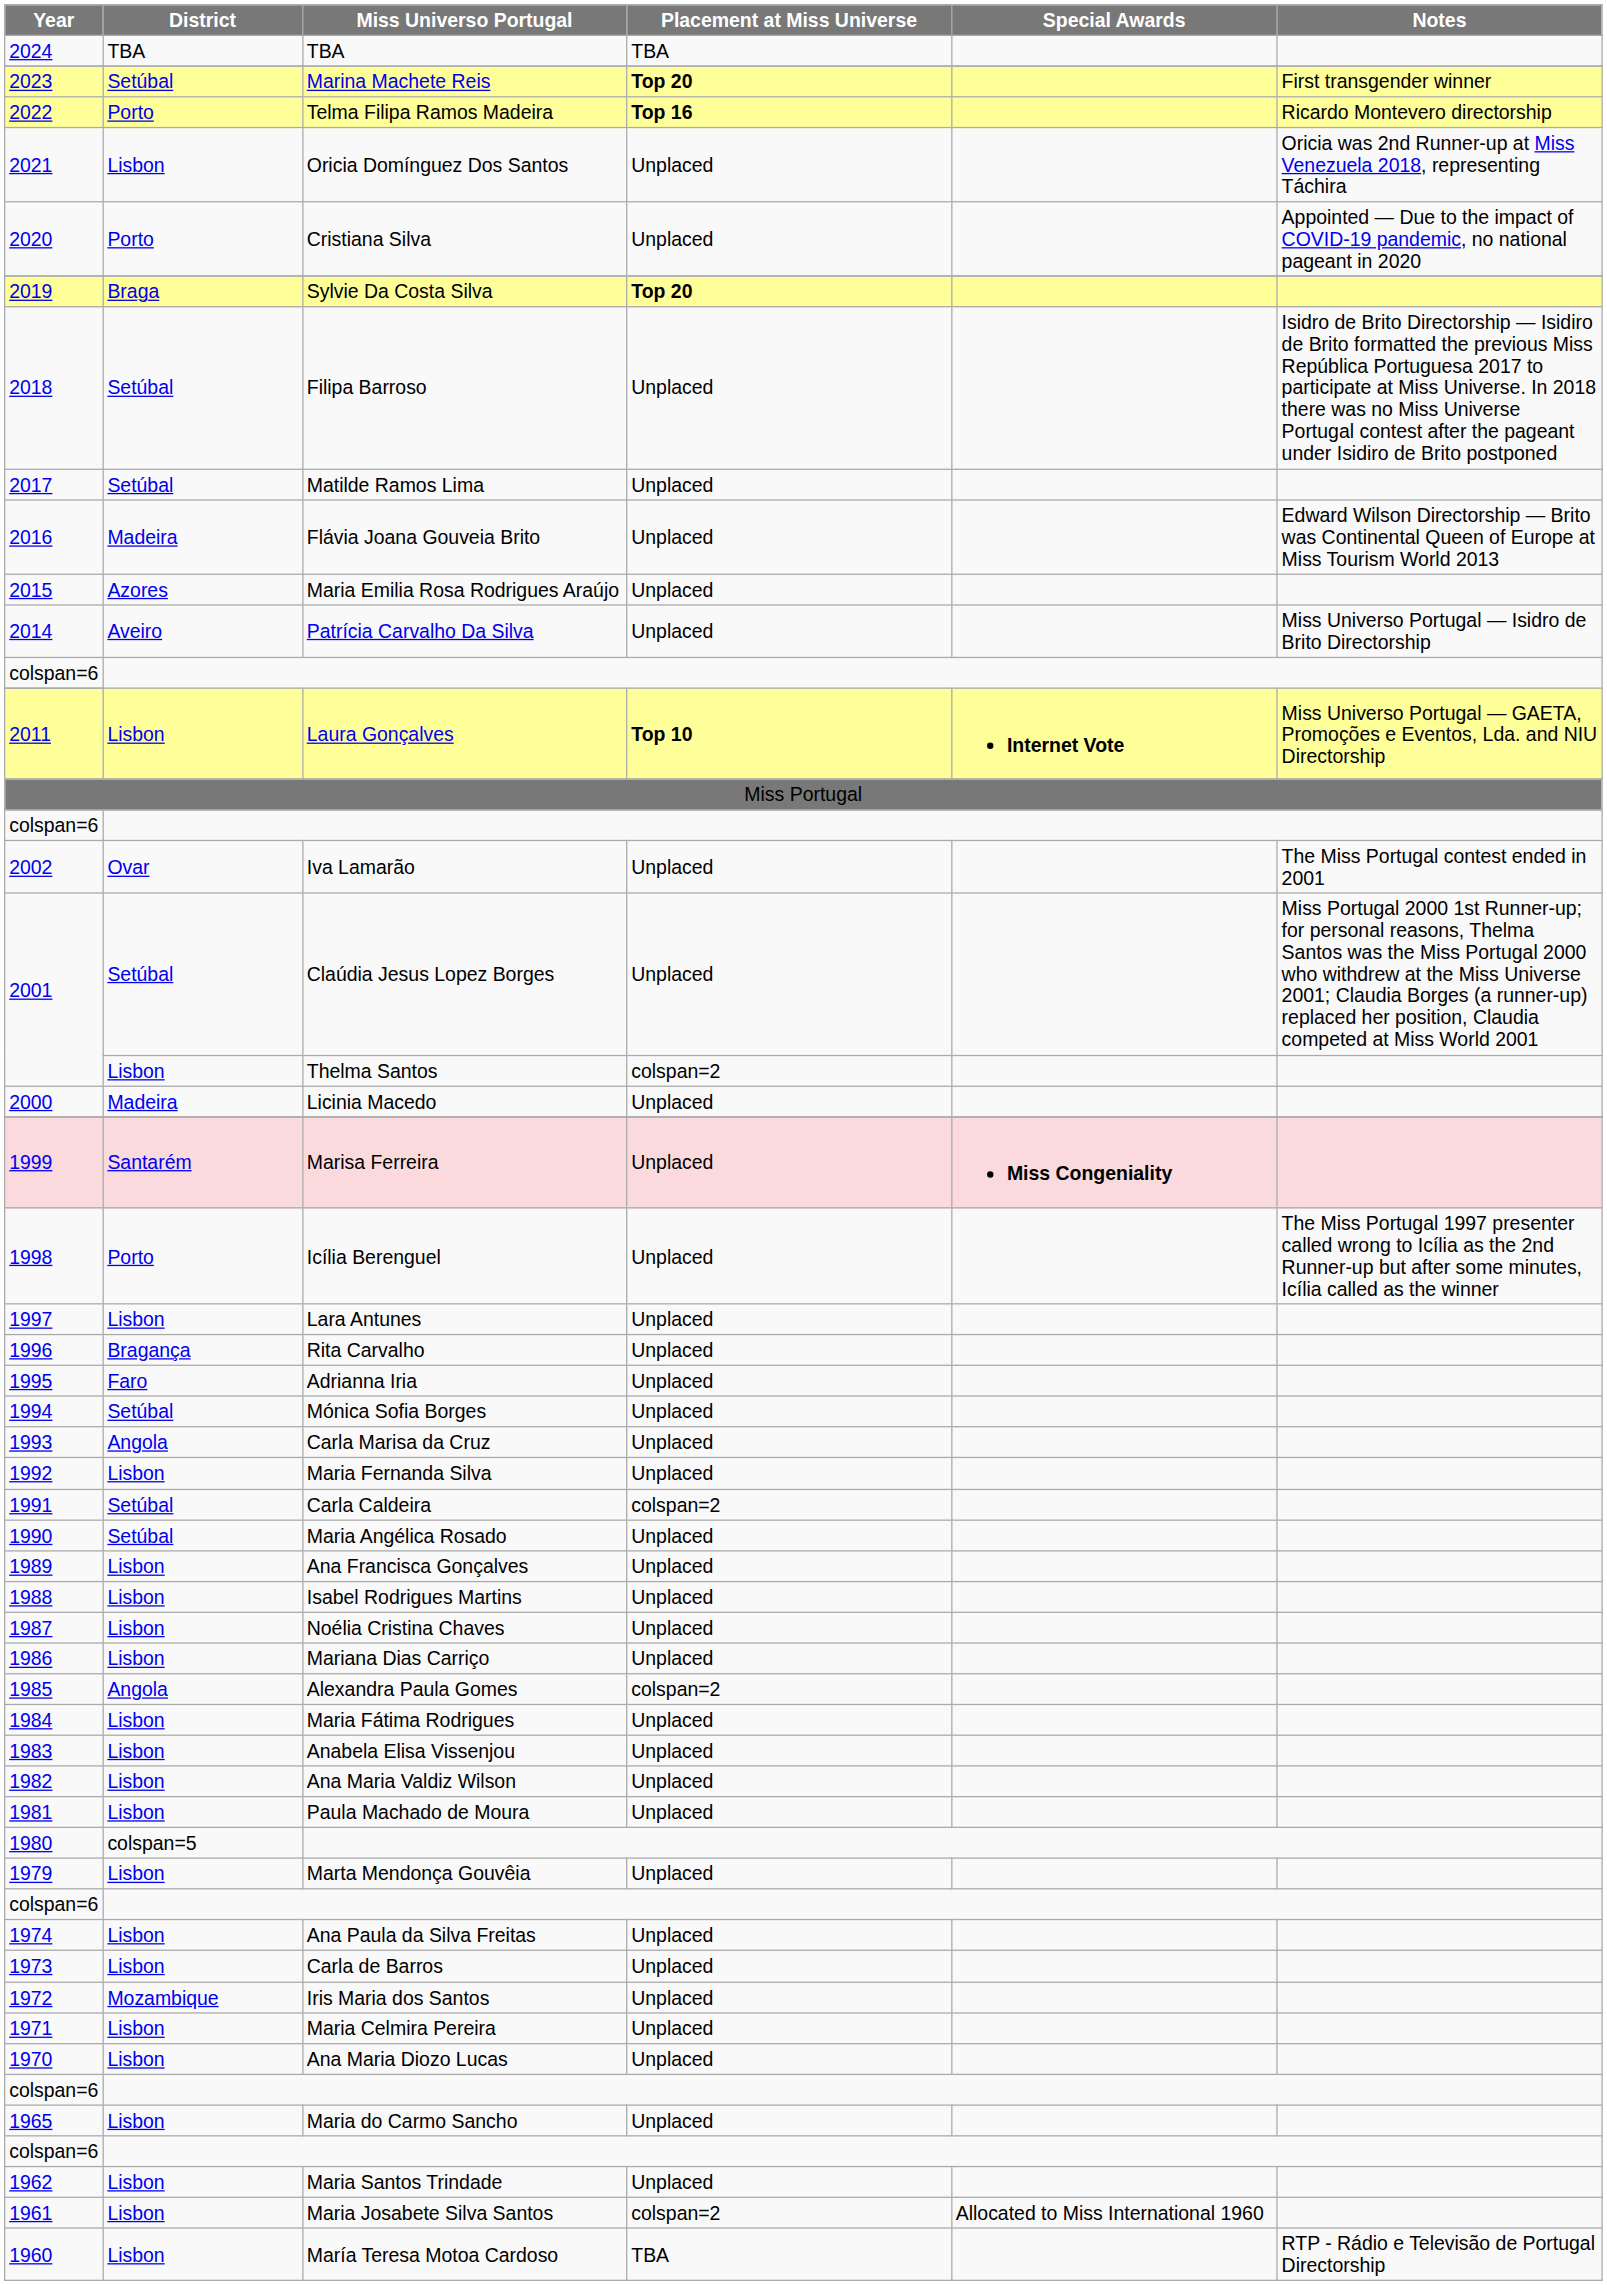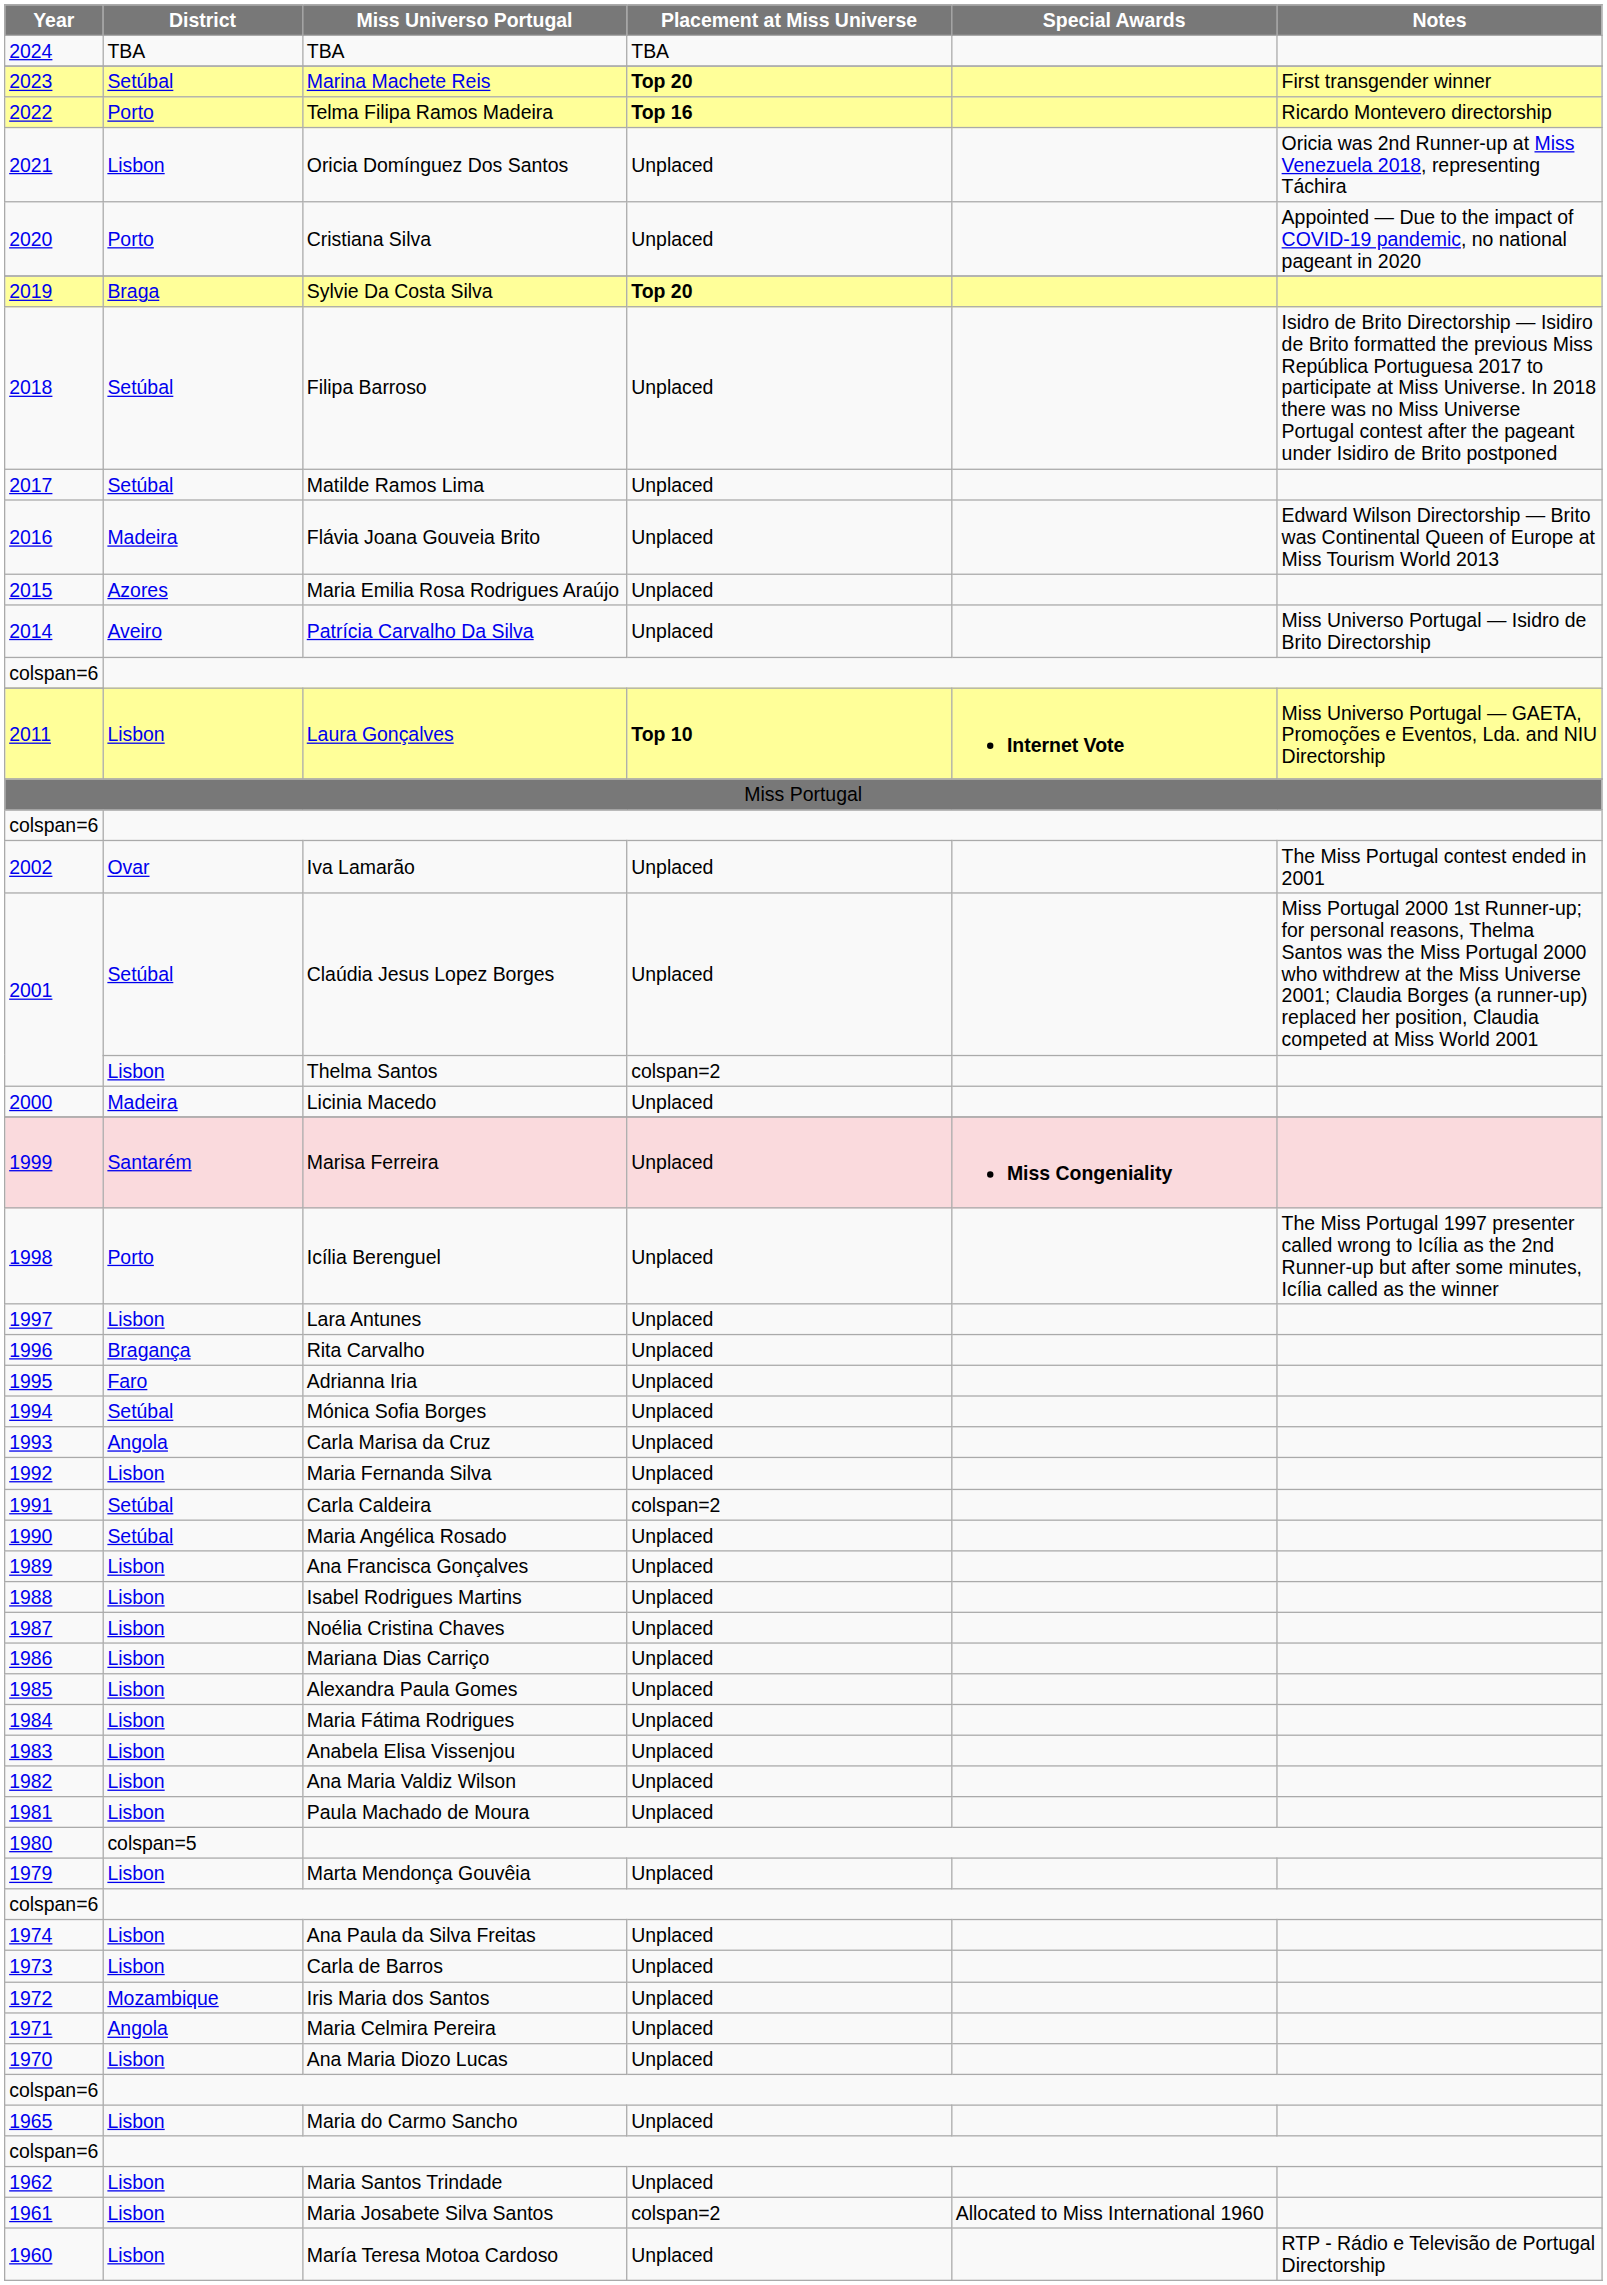 <table class="wikitable " style="font-size: 95%;">
 <tr>
 <th width="60" style="background-color:#787878;color:#FFFFFF;">Year</th>
 <th width="150" style="background-color:#787878;color:#FFFFFF;">District</th>
 <th width="250" style="background-color:#787878;color:#FFFFFF;">Miss Universo Portugal</th>
 <th width="250" style="background-color:#787878;color:#FFFFFF;">Placement at Miss Universe</th>
 <th width="250" style="background-color:#787878;color:#FFFFFF;">Special Awards</th>
 <th width="250" style="background-color:#787878;color:#FFFFFF;">Notes</th>
 </tr>
 <tr>
 <td><a href='#'>2024</a></td>
 <td>TBA</td>
 <td>TBA</td>
 <td>TBA</td>
 <td></td>
 <td></td>
 </tr>
 <tr>
 </tr>
 <tr style="background-color:#FFFF99;">
 <td><a href='#'>2023</a></td>
 <td><a href='#'>Setúbal</a></td>
 <td><a href='#'>Marina Machete Reis</a></td>
 <td><strong>Top 20</strong></td>
 <td></td>
 <td>First transgender winner</td>
 </tr>
 <tr style="background-color:#FFFF99;">
 <td><a href='#'>2022</a></td>
 <td><a href='#'>Porto</a></td>
 <td>Telma Filipa Ramos Madeira </td>
 <td><strong>Top 16</strong></td>
 <td></td>
 <td>Ricardo Montevero directorship</td>
 </tr>
 <tr>
 <td><a href='#'>2021</a></td>
 <td><a href='#'>Lisbon</a></td>
 <td>Oricia Domínguez Dos Santos</td>
 <td>Unplaced</td>
 <td></td>
 <td>Oricia was 2nd Runner-up at <a href='#'>Miss Venezuela 2018</a>, representing Táchira</td>
 </tr>
 <tr>
 <td><a href='#'>2020</a></td>
 <td><a href='#'>Porto</a></td>
 <td>Cristiana Silva</td>
 <td>Unplaced</td>
 <td></td>
 <td>Appointed — Due to the impact of <a href='#'>COVID-19 pandemic</a>, no national pageant in 2020</td>
 </tr>
 <tr>
 </tr>
 <tr style="background-color:#FFFF99;">
 <td><a href='#'>2019</a></td>
 <td><a href='#'>Braga</a></td>
 <td>Sylvie Da Costa Silva</td>
 <td><strong>Top 20</strong></td>
 <td></td>
 <td></td>
 </tr>
 <tr>
 <td><a href='#'>2018</a></td>
 <td><a href='#'>Setúbal</a></td>
 <td>Filipa Barroso</td>
 <td>Unplaced</td>
 <td></td>
 <td>Isidro de Brito Directorship — Isidiro de Brito formatted the previous Miss República Portuguesa 2017 to participate at Miss Universe. In 2018 there was no Miss Universe Portugal contest after the pageant under Isidiro de Brito postponed</td>
 </tr>
 <tr>
 <td><a href='#'>2017</a></td>
 <td><a href='#'>Setúbal</a></td>
 <td>Matilde Ramos Lima</td>
 <td>Unplaced</td>
 <td></td>
 <td></td>
 </tr>
 <tr>
 <td><a href='#'>2016</a></td>
 <td><a href='#'>Madeira</a></td>
 <td>Flávia Joana Gouveia Brito</td>
 <td>Unplaced</td>
 <td></td>
 <td>Edward Wilson Directorship — Brito was Continental Queen of Europe at Miss Tourism World 2013</td>
 </tr>
 <tr>
 <td><a href='#'>2015</a></td>
 <td><a href='#'>Azores</a></td>
 <td>Maria Emilia Rosa Rodrigues Araújo</td>
 <td>Unplaced</td>
 <td></td>
 <td></td>
 </tr>
 <tr>
 <td><a href='#'>2014</a></td>
 <td><a href='#'>Aveiro</a></td>
 <td><a href='#'>Patrícia Carvalho Da Silva</a></td>
 <td>Unplaced</td>
 <td></td>
 <td>Miss Universo Portugal — Isidro de Brito Directorship</td>
 </tr>
 <tr>
 <td>colspan=6 </td>
 </tr>
 <tr>
 </tr>
 <tr style="background-color:#FFFF99;">
 <td><a href='#'>2011</a></td>
 <td><a href='#'>Lisbon</a></td>
 <td><a href='#'>Laura Gonçalves</a></td>
 <td><strong>Top 10</strong></td>
 <td align="left"><br><ul><li><strong>Internet Vote</strong></li></ul></td>
 <td>Miss Universo Portugal — GAETA, Promoções e Eventos, Lda. and NIU Directorship</td>
 </tr>
 <tr>
 </tr>
 <tr bgcolor="#787878" align="center">
 <td colspan="6"><span>Miss Portugal</span></td>
 </tr>
 <tr>
 <td>colspan=6 </td>
 </tr>
 <tr>
 <td><a href='#'>2002</a></td>
 <td><a href='#'>Ovar</a></td>
 <td>Iva Lamarão</td>
 <td>Unplaced</td>
 <td></td>
 <td>The Miss Portugal contest ended in 2001</td>
 </tr>
 <tr>
 <td rowspan=2><a href='#'>2001</a></td>
 <td><a href='#'>Setúbal</a></td>
 <td>Claúdia Jesus Lopez Borges</td>
 <td>Unplaced</td>
 <td></td>
 <td>Miss Portugal 2000 1st Runner-up; for personal reasons, Thelma Santos was the Miss Portugal 2000 who withdrew at the Miss Universe 2001; Claudia Borges (a runner-up) replaced her position, Claudia competed at Miss World 2001</td>
 </tr>
 <tr>
 <td><a href='#'>Lisbon</a></td>
 <td>Thelma Santos</td>
 <td>colspan=2 </td>
 <td></td>
 </tr>
 <tr>
 <td><a href='#'>2000</a></td>
 <td><a href='#'>Madeira</a></td>
 <td>Licinia Macedo</td>
 <td>Unplaced</td>
 <td></td>
 <td></td>
 </tr>
 <tr>
 </tr>
 <tr style="background-color:#FADADD;">
 <td><a href='#'>1999</a></td>
 <td><a href='#'>Santarém</a></td>
 <td>Marisa Ferreira</td>
 <td>Unplaced</td>
 <td align="left"><br><ul><li><strong>Miss Congeniality</strong></li></ul></td>
 <td></td>
 </tr>
 <tr>
 <td><a href='#'>1998</a></td>
 <td><a href='#'>Porto</a></td>
 <td>Icília Berenguel</td>
 <td>Unplaced</td>
 <td></td>
 <td>The Miss Portugal 1997 presenter called wrong to Icília as the 2nd Runner-up but after some minutes, Icília called as the winner</td>
 </tr>
 <tr>
 <td><a href='#'>1997</a></td>
 <td><a href='#'>Lisbon</a></td>
 <td>Lara Antunes</td>
 <td>Unplaced</td>
 <td></td>
 <td></td>
 </tr>
 <tr>
 <td><a href='#'>1996</a></td>
 <td><a href='#'>Bragança</a></td>
 <td>Rita Carvalho</td>
 <td>Unplaced</td>
 <td></td>
 <td></td>
 </tr>
 <tr>
 <td><a href='#'>1995</a></td>
 <td><a href='#'>Faro</a></td>
 <td>Adrianna Iria</td>
 <td>Unplaced</td>
 <td></td>
 <td></td>
 </tr>
 <tr>
 <td><a href='#'>1994</a></td>
 <td><a href='#'>Setúbal</a></td>
 <td>Mónica Sofia Borges</td>
 <td>Unplaced</td>
 <td></td>
 <td></td>
 </tr>
 <tr>
 <td><a href='#'>1993</a></td>
 <td><a href='#'>Angola</a></td>
 <td>Carla Marisa da Cruz</td>
 <td>Unplaced</td>
 <td></td>
 <td></td>
 </tr>
 <tr>
 <td><a href='#'>1992</a></td>
 <td><a href='#'>Lisbon</a></td>
 <td>Maria Fernanda Silva</td>
 <td>Unplaced</td>
 <td></td>
 <td></td>
 </tr>
 <tr>
 <td><a href='#'>1991</a></td>
 <td><a href='#'>Setúbal</a></td>
 <td>Carla Caldeira</td>
 <td>colspan=2 </td>
 <td></td>
 </tr>
 <tr>
 <td><a href='#'>1990</a></td>
 <td><a href='#'>Setúbal</a></td>
 <td>Maria Angélica Rosado</td>
 <td>Unplaced</td>
 <td></td>
 <td></td>
 </tr>
 <tr>
 <td><a href='#'>1989</a></td>
 <td><a href='#'>Lisbon</a></td>
 <td>Ana Francisca Gonçalves</td>
 <td>Unplaced</td>
 <td></td>
 <td></td>
 </tr>
 <tr>
 <td><a href='#'>1988</a></td>
 <td><a href='#'>Lisbon</a></td>
 <td>Isabel Rodrigues Martins</td>
 <td>Unplaced</td>
 <td></td>
 <td></td>
 </tr>
 <tr>
 <td><a href='#'>1987</a></td>
 <td><a href='#'>Lisbon</a></td>
 <td>Noélia Cristina Chaves</td>
 <td>Unplaced</td>
 <td></td>
 <td></td>
 </tr>
 <tr>
 <td><a href='#'>1986</a></td>
 <td><a href='#'>Lisbon</a></td>
 <td>Mariana Dias Carriço</td>
 <td>Unplaced</td>
 <td></td>
 <td></td>
 </tr>
 <tr>
 <td><a href='#'>1985</a></td>
-<td><a href='#'>Angola</a></td>
+<td><a href='#'>Lisbon</a></td>
 <td>Alexandra Paula Gomes</td>
-<td>colspan=2 </td>
+<td>Unplaced</td>
 <td></td>
 <td></td>
 </tr>
 <tr>
 <td><a href='#'>1984</a></td>
 <td><a href='#'>Lisbon</a></td>
 <td>Maria Fátima Rodrigues</td>
 <td>Unplaced</td>
 <td></td>
 <td></td>
 </tr>
 <tr>
 <td><a href='#'>1983</a></td>
 <td><a href='#'>Lisbon</a></td>
 <td>Anabela Elisa Vissenjou</td>
 <td>Unplaced</td>
 <td></td>
 <td></td>
 </tr>
 <tr>
 <td><a href='#'>1982</a></td>
 <td><a href='#'>Lisbon</a></td>
 <td>Ana Maria Valdiz Wilson</td>
 <td>Unplaced</td>
 <td></td>
 <td></td>
 </tr>
 <tr>
 <td><a href='#'>1981</a></td>
 <td><a href='#'>Lisbon</a></td>
 <td>Paula Machado de Moura</td>
 <td>Unplaced</td>
 <td></td>
 <td></td>
 </tr>
 <tr>
 <td><a href='#'>1980</a></td>
 <td>colspan=5 </td>
 </tr>
 <tr>
 <td><a href='#'>1979</a></td>
 <td><a href='#'>Lisbon</a></td>
 <td>Marta Mendonça Gouvêia</td>
 <td>Unplaced</td>
 <td></td>
 <td></td>
 </tr>
 <tr>
 <td>colspan=6 </td>
 </tr>
 <tr>
 <td><a href='#'>1974</a></td>
 <td><a href='#'>Lisbon</a></td>
 <td>Ana Paula da Silva Freitas</td>
 <td>Unplaced</td>
 <td></td>
 <td></td>
 </tr>
 <tr>
 <td><a href='#'>1973</a></td>
 <td><a href='#'>Lisbon</a></td>
 <td>Carla de Barros</td>
 <td>Unplaced</td>
 <td></td>
 <td></td>
 </tr>
 <tr>
 <td><a href='#'>1972</a></td>
 <td><a href='#'>Mozambique</a></td>
 <td>Iris Maria dos Santos</td>
 <td>Unplaced</td>
 <td></td>
 <td></td>
 </tr>
 <tr>
 <td><a href='#'>1971</a></td>
-<td><a href='#'>Lisbon</a></td>
+<td><a href='#'>Angola</a></td>
 <td>Maria Celmira Pereira</td>
 <td>Unplaced</td>
 <td></td>
 <td></td>
 </tr>
 <tr>
 <td><a href='#'>1970</a></td>
 <td><a href='#'>Lisbon</a></td>
 <td>Ana Maria Diozo Lucas</td>
 <td>Unplaced</td>
 <td></td>
 <td></td>
 </tr>
 <tr>
 <td>colspan=6 </td>
 </tr>
 <tr>
 <td><a href='#'>1965</a></td>
 <td><a href='#'>Lisbon</a></td>
 <td>Maria do Carmo Sancho</td>
 <td>Unplaced</td>
 <td></td>
 <td></td>
 </tr>
 <tr>
 <td>colspan=6 </td>
 </tr>
 <tr>
 <td><a href='#'>1962</a></td>
 <td><a href='#'>Lisbon</a></td>
 <td>Maria Santos Trindade</td>
 <td>Unplaced</td>
 <td></td>
 <td></td>
 </tr>
 <tr>
 <td><a href='#'>1961</a></td>
 <td><a href='#'>Lisbon</a></td>
 <td>Maria Josabete Silva Santos</td>
 <td>colspan=2 </td>
 <td>Allocated to Miss International 1960</td>
 </tr>
 <tr>
 <td><a href='#'>1960</a></td>
 <td><a href='#'>Lisbon</a></td>
 <td>María Teresa Motoa Cardoso</td>
-<td>TBA</td>
+<td>Unplaced</td>
 <td></td>
 <td>RTP - Rádio e Televisão de Portugal Directorship</td>
 </tr>
 <tr>
 </tr>
 </table>
